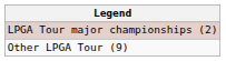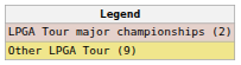 <table class="wikitable" style="font-size:95%;">
 <tr>
 <th>Legend</th>
 </tr>
 <tr style="background:#e5d1cb;">
 <td>LPGA Tour major championships (2)</td>
 </tr>
 <tr>
-<td>Other LPGA Tour (9)</td>
+<td style="background: khaki;">Other LPGA Tour (9)</td>
 </tr>
 </table>
